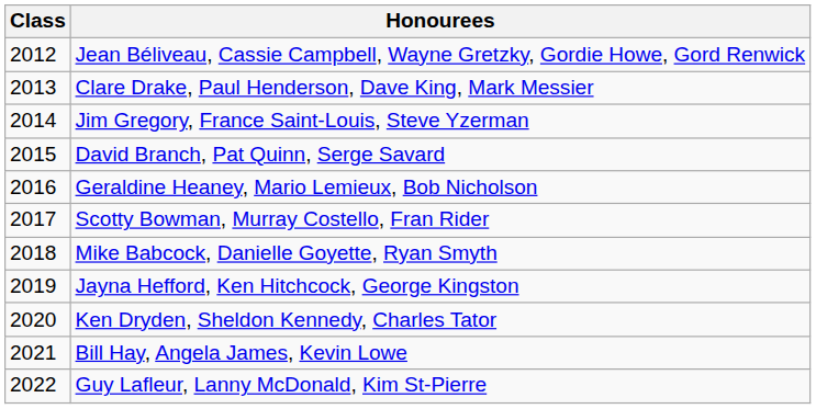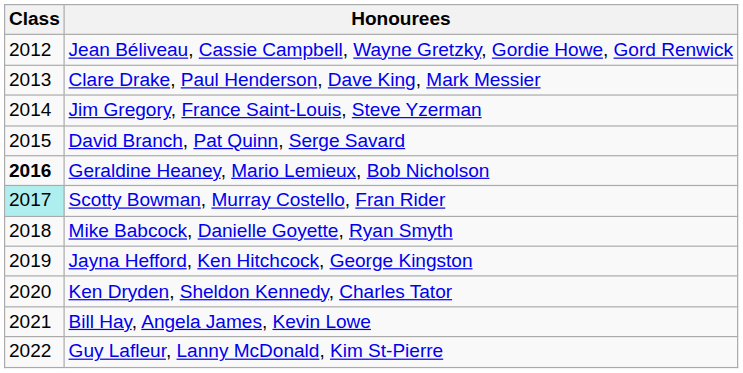 <table class="wikitable">
 <tr>
 <th>Class</th>
 <th>Honourees</th>
 </tr>
 <tr>
 <td>2012</td>
 <td><a href='#'>Jean Béliveau</a>, <a href='#'>Cassie Campbell</a>, <a href='#'>Wayne Gretzky</a>, <a href='#'>Gordie Howe</a>, <a href='#'>Gord Renwick</a></td>
 </tr>
 <tr>
 <td>2013</td>
 <td><a href='#'>Clare Drake</a>, <a href='#'>Paul Henderson</a>, <a href='#'>Dave King</a>, <a href='#'>Mark Messier</a></td>
 </tr>
 <tr>
 <td>2014</td>
 <td><a href='#'>Jim Gregory</a>, <a href='#'>France Saint-Louis</a>, <a href='#'>Steve Yzerman</a></td>
 </tr>
 <tr>
 <td>2015</td>
 <td><a href='#'>David Branch</a>, <a href='#'>Pat Quinn</a>, <a href='#'>Serge Savard</a></td>
 </tr>
 <tr>
-<td>2016</td>
+<td><strong>2016</strong></td>
 <td><a href='#'>Geraldine Heaney</a>, <a href='#'>Mario Lemieux</a>, <a href='#'>Bob Nicholson</a></td>
 </tr>
 <tr>
-<td>2017</td>
+<td style="background: paleturquoise;">2017</td>
 <td><a href='#'>Scotty Bowman</a>, <a href='#'>Murray Costello</a>, <a href='#'>Fran Rider</a></td>
 </tr>
 <tr>
 <td>2018</td>
 <td><a href='#'>Mike Babcock</a>, <a href='#'>Danielle Goyette</a>, <a href='#'>Ryan Smyth</a></td>
 </tr>
 <tr>
 <td>2019</td>
 <td><a href='#'>Jayna Hefford</a>, <a href='#'>Ken Hitchcock</a>, <a href='#'>George Kingston</a></td>
 </tr>
 <tr>
 <td>2020</td>
 <td><a href='#'>Ken Dryden</a>, <a href='#'>Sheldon Kennedy</a>, <a href='#'>Charles Tator</a></td>
 </tr>
 <tr>
 <td>2021</td>
 <td><a href='#'>Bill Hay</a>, <a href='#'>Angela James</a>, <a href='#'>Kevin Lowe</a></td>
 </tr>
 <tr>
 <td>2022</td>
 <td><a href='#'>Guy Lafleur</a>, <a href='#'>Lanny McDonald</a>, <a href='#'>Kim St-Pierre</a></td>
 </tr>
 </table>
